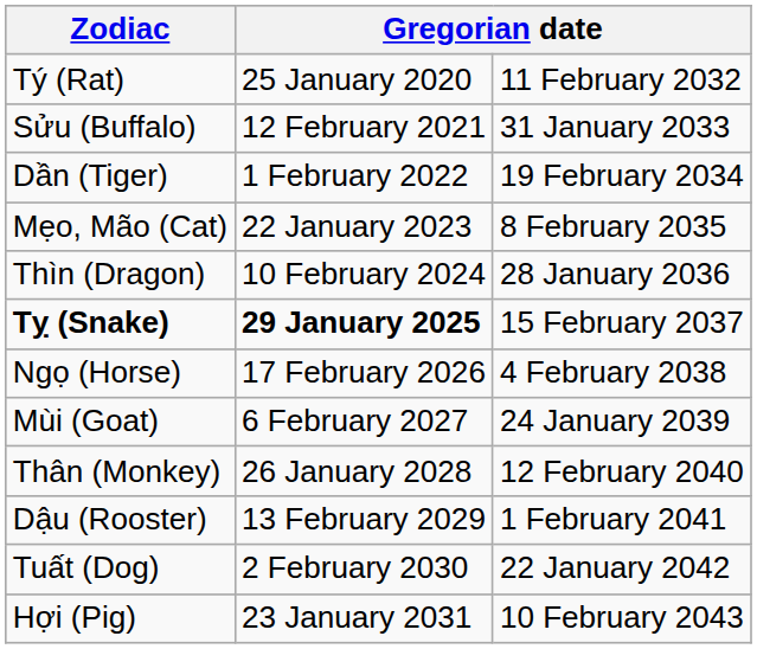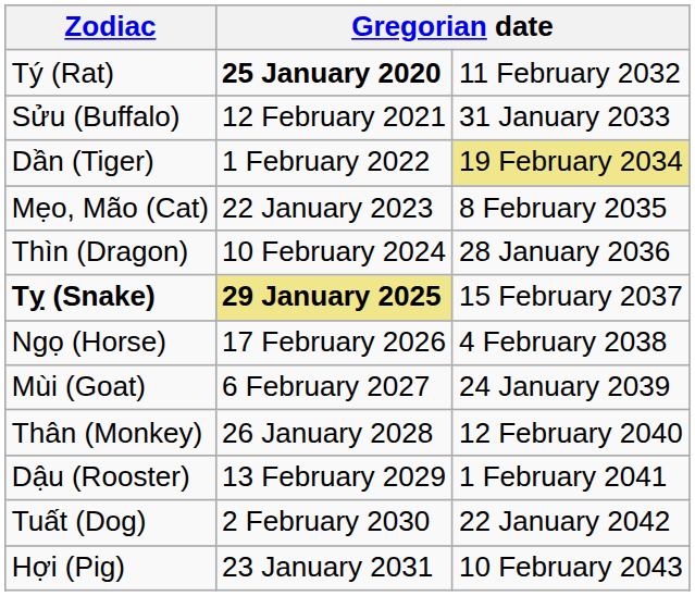 <table class="wikitable">
 <tr style="background:#efefef;">
 <th><a href='#'>Zodiac</a></th>
 <th colspan="2"><a href='#'>Gregorian</a> date</th>
 </tr>
 <tr>
 <td>Tý (Rat)</td>
-<td>25 January 2020</td>
+<td><strong>25 January 2020</strong></td>
 <td>11 February 2032</td>
 </tr>
 <tr>
 <td>Sửu (Buffalo)</td>
 <td>12 February 2021</td>
 <td>31 January 2033</td>
 </tr>
 <tr>
 <td>Dần (Tiger)</td>
 <td>1 February 2022</td>
-<td>19 February 2034</td>
+<td style="background: khaki;">19 February 2034</td>
 </tr>
 <tr>
 <td>Mẹo, Mão (Cat)</td>
 <td>22 January 2023</td>
 <td>8 February 2035</td>
 </tr>
 <tr>
 <td>Thìn (Dragon)</td>
 <td>10 February 2024</td>
 <td>28 January 2036</td>
 </tr>
 <tr>
 <td><strong>Tỵ (Snake)</strong></td>
-<td><strong>29 January 2025</strong></td>
+<td style="background: khaki;"><strong>29 January 2025</strong></td>
 <td>15 February 2037</td>
 </tr>
 <tr>
 <td>Ngọ (Horse)</td>
 <td>17 February 2026</td>
 <td>4 February 2038</td>
 </tr>
 <tr>
 <td>Mùi (Goat)</td>
 <td>6 February 2027</td>
 <td>24 January 2039</td>
 </tr>
 <tr>
 <td>Thân (Monkey)</td>
 <td>26 January 2028</td>
 <td>12 February 2040</td>
 </tr>
 <tr>
 <td>Dậu (Rooster)</td>
 <td>13 February 2029</td>
 <td>1 February 2041</td>
 </tr>
 <tr>
 <td>Tuất (Dog)</td>
 <td>2 February 2030</td>
 <td>22 January 2042</td>
 </tr>
 <tr>
 <td>Hợi (Pig)</td>
 <td>23 January 2031</td>
 <td>10 February 2043</td>
 </tr>
 </table>
